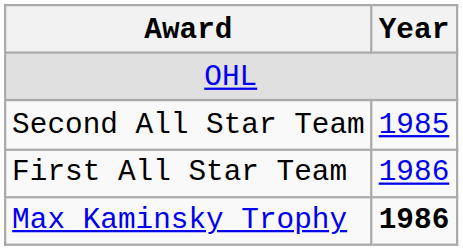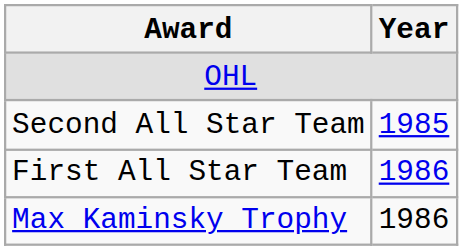 <table class="wikitable">
 <tr>
 <th>Award</th>
 <th>Year</th>
 </tr>
 <tr style="text-align:center; background:#e0e0e0">
 <td colspan="2"><a href='#'>OHL</a></td>
 </tr>
 <tr>
 <td>Second All Star Team</td>
 <td><a href='#'>1985</a></td>
 </tr>
 <tr>
 <td>First All Star Team</td>
 <td><a href='#'>1986</a></td>
 </tr>
 <tr>
 <td><a href='#'>Max Kaminsky Trophy</a></td>
-<td><strong>1986</strong></td>
+<td>1986</td>
 </tr>
 </table>
